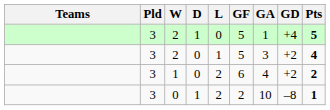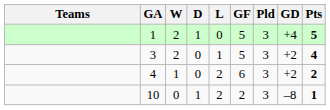 <table class="wikitable" style="text-align: center;">
 <tr>
 <th width=165>Teams</th>
-<th width=20>Pld</th>
+<th width=20>GA</th>
 <th width=20>W</th>
 <th width=20>D</th>
 <th width=20>L</th>
 <th width=20>GF</th>
-<th width=20>GA</th>
+<th width=20>Pld</th>
 <th width=20>GD</th>
 <th width=20>Pts</th>
 </tr>
 <tr align=center style="background:#ccffcc;">
 <td style="text-align:left;"></td>
-<td>3</td>
+<td>1</td>
 <td>2</td>
 <td>1</td>
 <td>0</td>
 <td>5</td>
-<td>1</td>
+<td>3</td>
 <td>+4</td>
 <td><strong>5</strong></td>
 </tr>
 <tr align=center>
 <td style="text-align:left;"></td>
 <td>3</td>
 <td>2</td>
 <td>0</td>
 <td>1</td>
 <td>5</td>
 <td>3</td>
 <td>+2</td>
 <td><strong>4</strong></td>
 </tr>
 <tr align=center>
 <td style="text-align:left;"></td>
-<td>3</td>
+<td>4</td>
 <td>1</td>
 <td>0</td>
 <td>2</td>
 <td>6</td>
-<td>4</td>
+<td>3</td>
 <td>+2</td>
 <td><strong>2</strong></td>
 </tr>
 <tr align=center>
 <td style="text-align:left;"></td>
-<td>3</td>
+<td>10</td>
 <td>0</td>
 <td>1</td>
 <td>2</td>
 <td>2</td>
-<td>10</td>
+<td>3</td>
 <td>–8</td>
 <td><strong>1</strong></td>
 </tr>
 </table>
